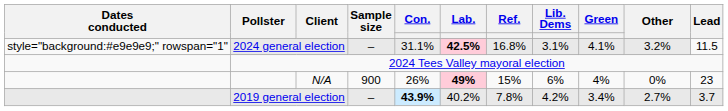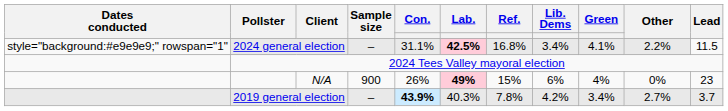 <table class="wikitable sortable mw-datatable" style="text-align:center; font-size:90%; line-height:14px;">
 <tr>
 <th rowspan="2">Dates<br>conducted</th>
 <th rowspan="2">Pollster</th>
 <th rowspan="2">Client</th>
 <th data-sort-type="number" rowspan="2">Sample<br>size</th>
 <th class="unsortable" style="width:50px;"><a href='#'>Con.</a></th>
 <th class="unsortable" style="width:50px;"><a href='#'>Lab.</a></th>
 <th class="unsortable" style="width:50px;"><a href='#'>Ref.</a></th>
 <th class="unsortable" style="width:50px;"><a href='#'>Lib. Dems</a></th>
 <th class="unsortable" style="width:50px;"><a href='#'>Green</a></th>
 <th class="unsortable" rowspan="2" style="width:75px;">Other</th>
 <th data-sort-type="number" rowspan="2">Lead</th>
 </tr>
 <tr>
 <th data-sort-type="number" style="background:"></th>
 <th data-sort-type="number" style="background:"></th>
 <th data-sort-type="number" style="background:"></th>
 <th data-sort-type="number" style="background:"></th>
 <th data-sort-type="number" style="background:"></th>
 </tr>
 <tr>
 <td>style="background:#e9e9e9;" rowspan="1" </td>
 <td style="background:#e9e9e9;" colspan="2"><a href='#'>2024 general election</a></td>
 <td style="background:#e9e9e9;">–</td>
 <td style="background:#e9e9e9;">31.1%</td>
 <td style="background:#ffccd9;"><strong>42.5%</strong></td>
 <td style="background:#e9e9e9;">16.8%</td>
-<td style="background:#e9e9e9;">3.1%</td>
+<td style="background:#e9e9e9;">3.4%</td>
 <td style="background:#e9e9e9;">4.1%</td>
-<td style="background:#e9e9e9;">3.2%</td>
+<td style="background:#e9e9e9;">2.2%</td>
 <td style="background:">11.5</td>
 </tr>
 <tr>
 <td></td>
 <td colspan="10"><a href='#'>2024 Tees Valley mayoral election</a></td>
 </tr>
 <tr>
 <td></td>
 <td></td>
 <td><em>N/A</em></td>
 <td>900</td>
 <td>26%</td>
 <td style="background:#FFCCD9;"><strong>49%</strong></td>
 <td>15%</td>
 <td>6%</td>
 <td>4%</td>
 <td>0%</td>
 <td style="background:">23</td>
 </tr>
 <tr style="background:#e9e9e9;">
 <td></td>
 <td colspan="2"><a href='#'>2019 general election</a></td>
 <td>–</td>
 <td style="background:#CCEBFF;"><strong>43.9%</strong></td>
-<td>40.2%</td>
+<td>40.3%</td>
 <td>7.8%</td>
 <td>4.2%</td>
 <td>3.4%</td>
 <td>2.7%</td>
 <td style="background:">3.7</td>
 </tr>
 </table>
